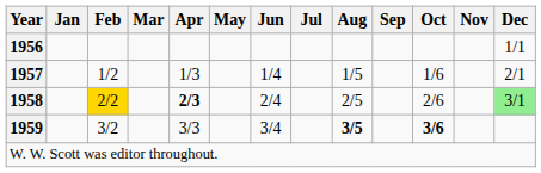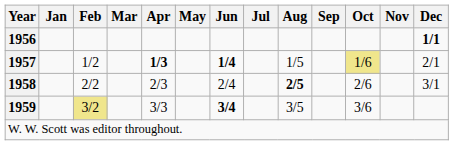 <table class="wikitable" style="font-size:95%; text-align:center; float:right; margin-left:1em;">
 <tr>
 <th scope="col" style="width: 2em;">Year</th>
 <th scope="col" style="width: 2em;">Jan</th>
 <th scope="col" style="width: 2em;">Feb</th>
 <th scope="col" style="width: 2em;">Mar</th>
 <th scope="col" style="width: 2em;">Apr</th>
 <th scope="col" style="width: 2em;">May</th>
 <th scope="col" style="width: 2em;">Jun</th>
 <th scope="col" style="width: 2em;">Jul</th>
 <th scope="col" style="width: 2em;">Aug</th>
 <th scope="col" style="width: 2em;">Sep</th>
 <th scope="col" style="width: 2em;">Oct</th>
 <th scope="col" style="width: 2em;">Nov</th>
 <th scope="col" style="width: 2em;">Dec</th>
 </tr>
 <tr>
 <th scope="row">1956</th>
 <td></td>
 <td></td>
 <td></td>
 <td></td>
 <td></td>
 <td></td>
 <td></td>
 <td></td>
 <td></td>
 <td></td>
 <td></td>
-<td>1/1</td>
+<td><strong>1/1</strong></td>
 </tr>
 <tr>
 <th scope="row">1957</th>
 <td></td>
 <td>1/2</td>
 <td></td>
-<td>1/3</td>
+<td><strong>1/3</strong></td>
 <td></td>
-<td>1/4</td>
+<td><strong>1/4</strong></td>
 <td></td>
 <td>1/5</td>
 <td></td>
-<td>1/6</td>
+<td style="background: khaki;">1/6</td>
 <td></td>
 <td>2/1</td>
 </tr>
 <tr>
 <th scope="row">1958</th>
 <td></td>
-<td style="background: gold;">2/2</td>
+<td>2/2</td>
 <td></td>
-<td><strong>2/3</strong></td>
+<td>2/3</td>
 <td></td>
 <td>2/4</td>
 <td></td>
-<td>2/5</td>
+<td><strong>2/5</strong></td>
 <td></td>
 <td>2/6</td>
 <td></td>
-<td style="background: lightgreen;">3/1</td>
+<td>3/1</td>
 </tr>
 <tr>
 <th scope="row">1959</th>
 <td></td>
-<td>3/2</td>
+<td style="background: khaki;">3/2</td>
 <td></td>
 <td>3/3</td>
 <td></td>
-<td>3/4</td>
+<td><strong>3/4</strong></td>
 <td></td>
-<td><strong>3/5</strong></td>
+<td>3/5</td>
 <td></td>
-<td><strong>3/6</strong></td>
+<td>3/6</td>
 <td></td>
 <td></td>
 </tr>
 <tr>
 <td colspan="13" style="font-size:90%; text-align:left;">W. W. Scott was editor throughout.</td>
 </tr>
 </table>
